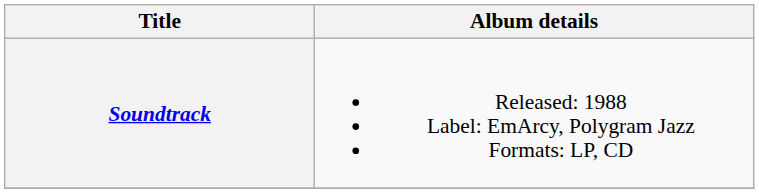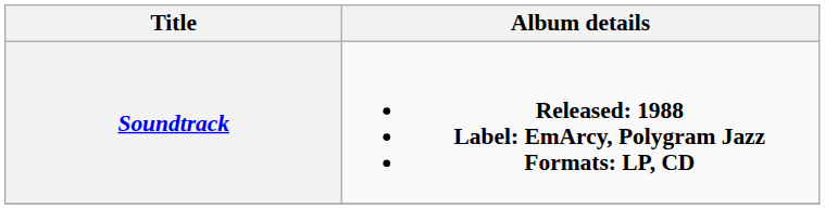 <table class="wikitable plainrowheaders" style="text-align:center;">
 <tr>
 <th scope="col" style="width:14em;">Title</th>
 <th scope="col" style="width:20em;">Album details</th>
 </tr>
 <tr>
 <th scope="row"><em><a href='#'>Soundtrack</a></em></th>
-<td><br><ul><li>Released: 1988 </li><li>Label: EmArcy, Polygram Jazz </li><li>Formats: LP, CD</li></ul></td>
+<td><strong><br><ul><li>Released: 1988 </li><li>Label: EmArcy, Polygram Jazz </li><li>Formats: LP, CD</li></ul></strong></td>
 </tr>
 <tr>
 </tr>
 </table>
